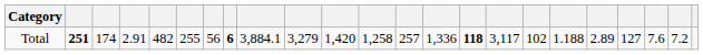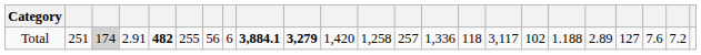 <table class="wikitable"  style="font-size: 95%; text-align:center;">
 <tr>
 <th>Category</th>
 <th></th>
 <th></th>
 <th></th>
 <th></th>
 <th></th>
 <th></th>
 <th></th>
 <th></th>
 <th></th>
 <th></th>
 <th></th>
 <th></th>
 <th></th>
 <th></th>
 <th></th>
 <th></th>
 <th></th>
 <th></th>
 <th></th>
 <th></th>
 <th></th>
 <th></th>
 </tr>
 <tr>
 <td>Total</td>
-<td><strong>251</strong></td>
-<td>174</td>
+<td>251</td>
+<td style="background: lightgrey;">174</td>
 <td>2.91</td>
-<td>482</td>
+<td><strong>482</strong></td>
 <td>255</td>
 <td>56</td>
-<td><strong>6</strong></td>
-<td>3,884.1</td>
-<td>3,279</td>
+<td>6</td>
+<td><strong>3,884.1</strong></td>
+<td><strong>3,279</strong></td>
 <td>1,420</td>
 <td>1,258</td>
 <td>257</td>
 <td>1,336</td>
-<td><strong>118</strong></td>
+<td>118</td>
 <td>3,117</td>
 <td>102</td>
 <td>1.188</td>
 <td>2.89</td>
 <td>127</td>
 <td>7.6</td>
 <td>7.2</td>
 <td></td>
 </tr>
 </table>
